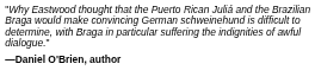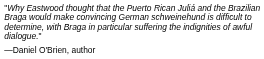 <table class="toccolours" style="float: right; margin-left: 1em; margin-right: 2em; font-size: 85%; color:black; width:40em; max-width: 35%;" cellspacing="5">
 <tr>
 <td style="text-align: left;">"<em>Why Eastwood thought that the Puerto Rican Juliá and the Brazilian Braga would make convincing German schweinehund is difficult to determine, with Braga in particular suffering the indignities of awful dialogue.</em>"</td>
 </tr>
 <tr>
-<td style="text-align: left;"><strong>—Daniel O'Brien, author</strong></td>
+<td style="text-align: left;">—Daniel O'Brien, author</td>
 </tr>
 </table>
